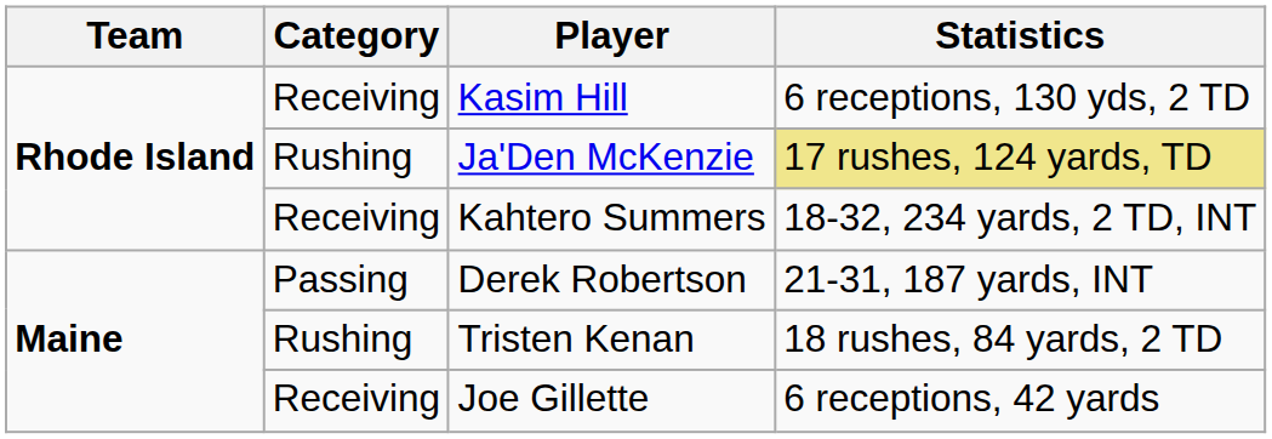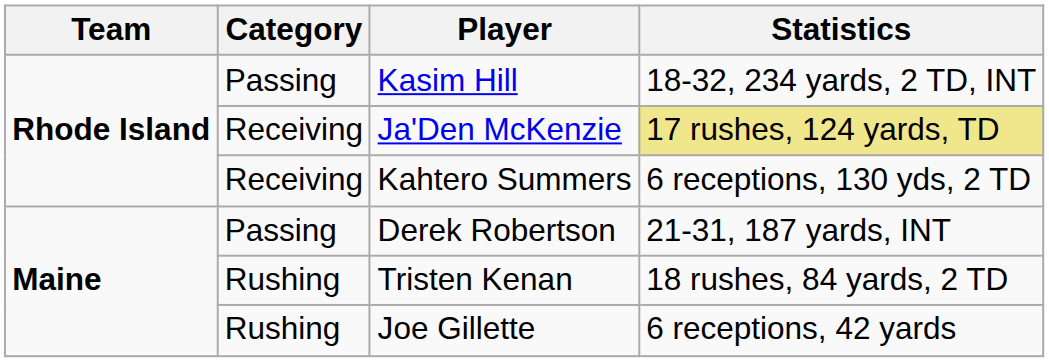 <table class="wikitable" style="float: left;">
 <tr>
 <th>Team</th>
 <th>Category</th>
 <th>Player</th>
 <th>Statistics</th>
 </tr>
 <tr>
 <td rowspan=3><strong>Rhode Island</strong></td>
-<td>Receiving</td>
+<td>Passing</td>
 <td><a href='#'>Kasim Hill</a></td>
-<td>6 receptions, 130 yds, 2 TD</td>
+<td>18-32, 234 yards, 2 TD, INT</td>
 </tr>
 <tr>
-<td>Rushing</td>
+<td>Receiving</td>
 <td><a href='#'>Ja'Den McKenzie</a></td>
 <td style="background: khaki;">17 rushes, 124 yards, TD</td>
 </tr>
 <tr>
 <td>Receiving</td>
 <td>Kahtero Summers</td>
-<td>18-32, 234 yards, 2 TD, INT</td>
+<td>6 receptions, 130 yds, 2 TD</td>
 </tr>
 <tr>
 <td rowspan=3><strong>Maine</strong></td>
 <td>Passing</td>
 <td>Derek Robertson</td>
 <td>21-31, 187 yards, INT</td>
 </tr>
 <tr>
 <td>Rushing</td>
 <td>Tristen Kenan</td>
 <td>18 rushes, 84 yards, 2 TD</td>
 </tr>
 <tr>
-<td>Receiving</td>
+<td>Rushing</td>
 <td>Joe Gillette</td>
 <td>6 receptions, 42 yards</td>
 </tr>
 </table>
